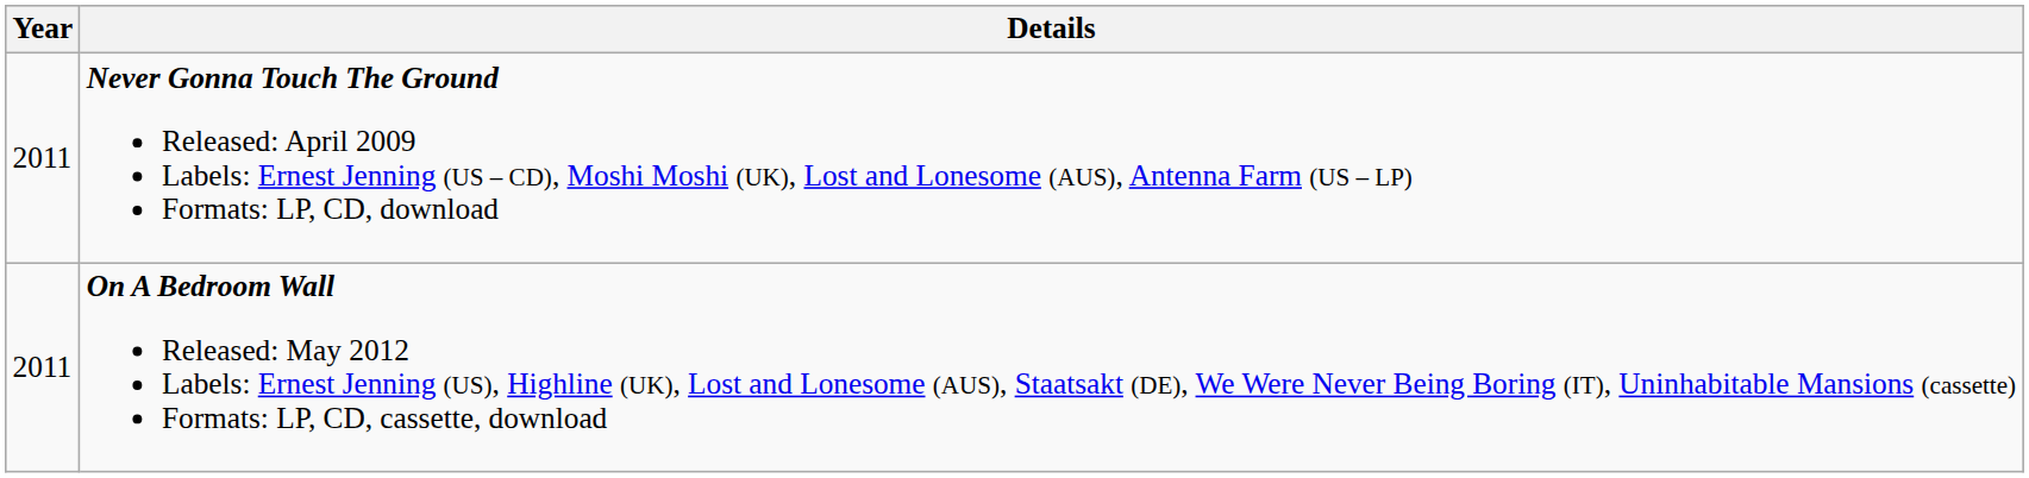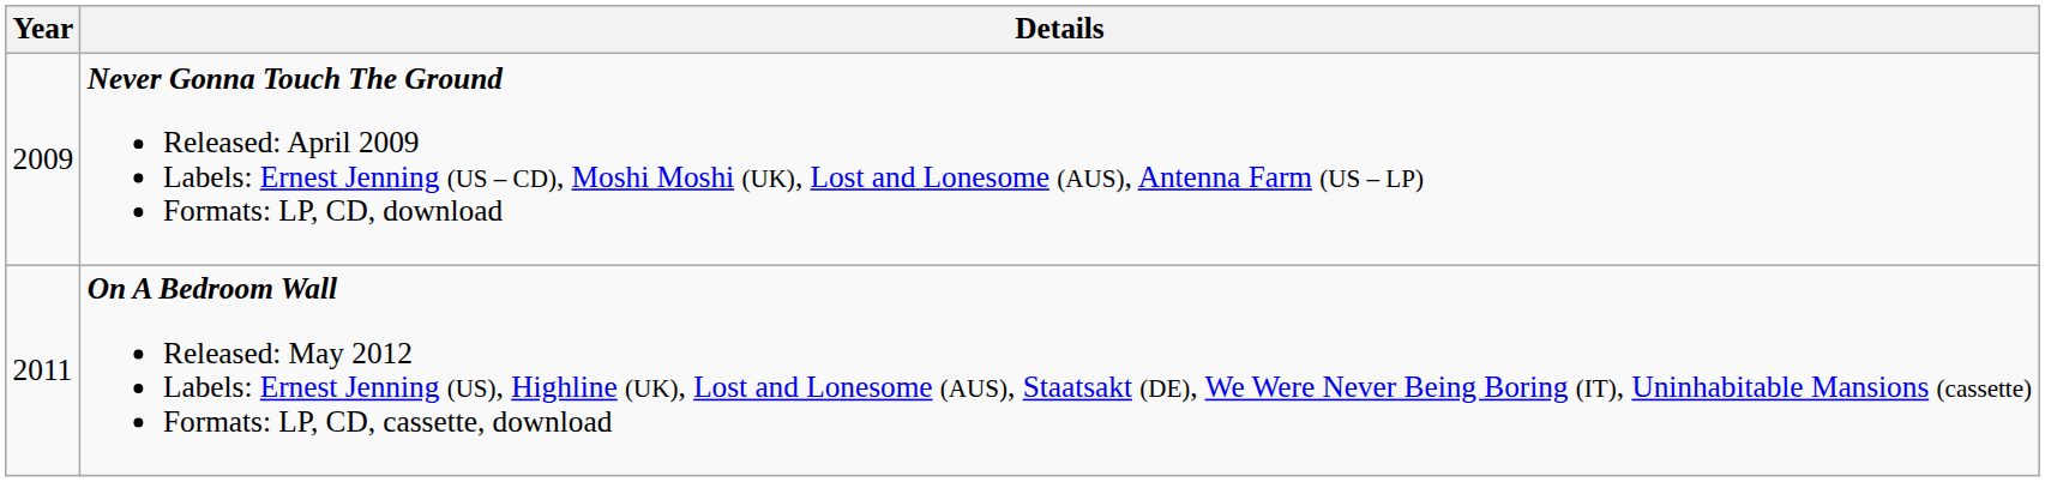 <table class="wikitable">
 <tr>
 <th>Year</th>
 <th>Details</th>
 </tr>
 <tr>
-<td>2011</td>
+<td>2009</td>
 <td><strong><em>Never Gonna Touch The Ground</em></strong><br><ul><li>Released: April 2009</li><li>Labels: <a href='#'>Ernest Jenning</a> <small>(US – CD)</small>, <a href='#'>Moshi Moshi</a> <small>(UK)</small>, <a href='#'>Lost and Lonesome</a> <small>(AUS)</small>, <a href='#'>Antenna Farm</a> <small>(US – LP)</small></li><li>Formats: LP, CD, download</li></ul></td>
 </tr>
 <tr>
 <td>2011</td>
 <td><strong><em>On A Bedroom Wall</em></strong><br><ul><li>Released: May 2012</li><li>Labels: <a href='#'>Ernest Jenning</a> <small>(US)</small>, <a href='#'>Highline</a> <small>(UK)</small>, <a href='#'>Lost and Lonesome</a> <small>(AUS)</small>, <a href='#'>Staatsakt</a> <small>(DE)</small>, <a href='#'>We Were Never Being Boring</a> <small>(IT)</small>, <a href='#'>Uninhabitable Mansions</a> <small>(cassette)</small></li><li>Formats: LP, CD, cassette, download</li></ul></td>
 </tr>
 </table>
